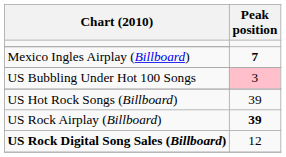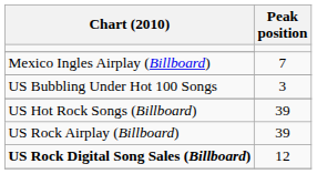 <table class="wikitable sortable">
 <tr>
 <th>Chart (2010)</th>
 <th>Peak<br>position</th>
 </tr>
 <tr>
 <td></td>
 </tr>
 <tr>
 </tr>
 <tr>
 </tr>
 <tr>
 </tr>
 <tr>
 </tr>
 <tr>
 </tr>
 <tr>
 <td>Mexico Ingles Airplay  (<em><a href='#'>Billboard</a></em>)</td>
-<td style="text-align:center;"><strong>7</strong></td>
+<td style="text-align:center;">7</td>
 </tr>
 <tr>
 </tr>
 <tr>
 </tr>
 <tr>
 </tr>
 <tr>
 <td>US Bubbling Under Hot 100 Songs</td>
-<td align="center" style="background: pink;">3</td>
+<td align="center">3</td>
 </tr>
 <tr>
 </tr>
 <tr>
 <td>US Hot Rock Songs (<em>Billboard</em>)</td>
 <td align="center">39</td>
 </tr>
 <tr>
 <td>US Rock Airplay (<em>Billboard</em>)</td>
-<td align="center"><strong>39</strong></td>
+<td align="center">39</td>
 </tr>
 <tr>
 <td><strong>US Rock Digital Song Sales (<em>Billboard</em>)</strong></td>
 <td align="center">12</td>
 </tr>
 <tr>
 </tr>
 </table>
